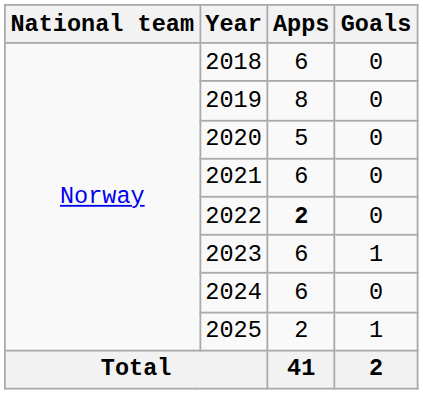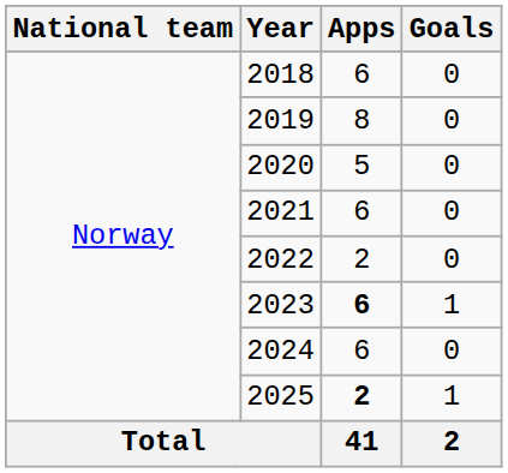 <table class=wikitable style=text-align:center>
 <tr>
 <th>National team</th>
 <th>Year</th>
 <th>Apps</th>
 <th>Goals</th>
 </tr>
 <tr>
 <td rowspan="8"><a href='#'>Norway</a></td>
 <td>2018</td>
 <td>6</td>
 <td>0</td>
 </tr>
 <tr>
 <td>2019</td>
 <td>8</td>
 <td>0</td>
 </tr>
 <tr>
 <td>2020</td>
 <td>5</td>
 <td>0</td>
 </tr>
 <tr>
 <td>2021</td>
 <td>6</td>
 <td>0</td>
 </tr>
 <tr>
 <td>2022</td>
-<td><strong>2</strong></td>
+<td>2</td>
 <td>0</td>
 </tr>
 <tr>
 <td>2023</td>
-<td>6</td>
+<td><strong>6</strong></td>
 <td>1</td>
 </tr>
 <tr>
 <td>2024</td>
 <td>6</td>
 <td>0</td>
 </tr>
 <tr>
 <td>2025</td>
-<td>2</td>
+<td><strong>2</strong></td>
 <td>1</td>
 </tr>
 <tr>
 <th colspan="2">Total</th>
 <th>41</th>
 <th>2</th>
 </tr>
 </table>
